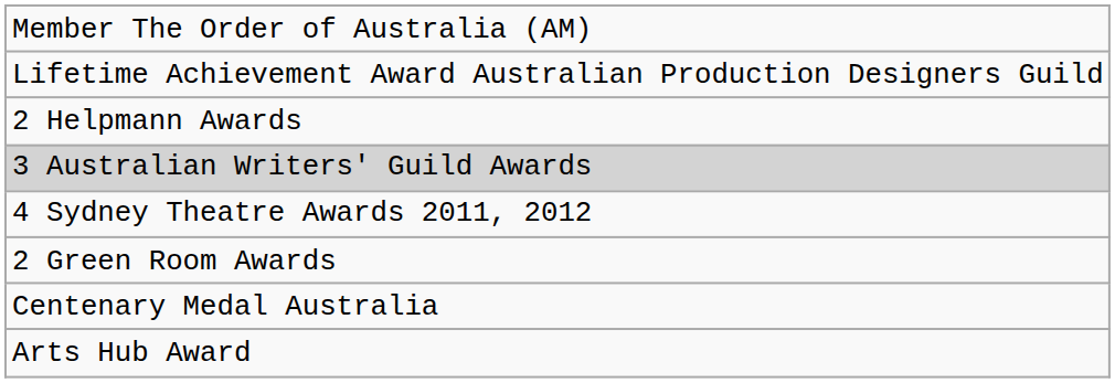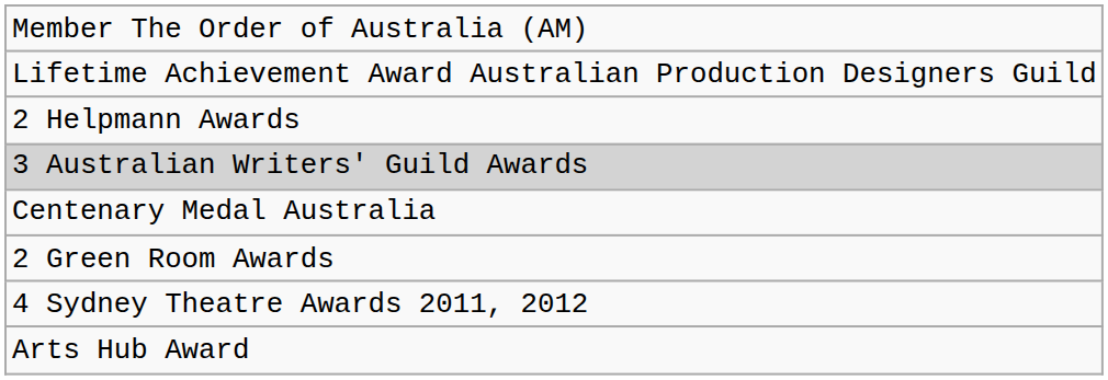 <table class="wikitable">
 <tr>
 <td>Member  The Order of Australia (AM)</td>
 </tr>
 <tr>
 <td>Lifetime Achievement Award Australian  Production Designers Guild</td>
 </tr>
 <tr>
 <td>2 Helpmann Awards</td>
 </tr>
 <tr>
 <td style="background: lightgrey;">3 Australian Writers'  Guild Awards</td>
 </tr>
 <tr>
-<td>4 Sydney Theatre Awards  2011, 2012</td>
+<td>Centenary Medal Australia</td>
 </tr>
 <tr>
 <td>2 Green Room Awards</td>
 </tr>
 <tr>
-<td>Centenary Medal Australia</td>
+<td>4 Sydney Theatre Awards  2011, 2012</td>
 </tr>
 <tr>
 <td>Arts Hub Award</td>
 </tr>
 </table>
